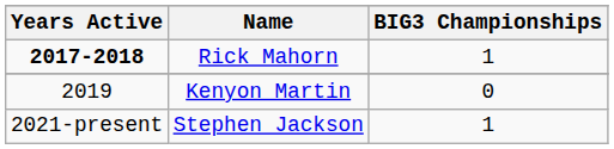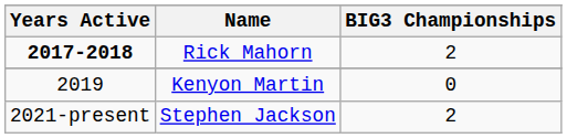 <table class="wikitable sortable sortable">
 <tr>
 </tr>
 <tr style="text-align: center">
 <th>Years Active</th>
 <th>Name</th>
 <th>BIG3 Championships</th>
 </tr>
 <tr style="text-align: center">
 <td><strong>2017-2018</strong></td>
 <td><a href='#'>Rick Mahorn</a></td>
-<td>1</td>
+<td>2</td>
 </tr>
 <tr>
 </tr>
 <tr style="text-align: center">
 <td>2019</td>
 <td><a href='#'>Kenyon Martin</a></td>
 <td>0</td>
 </tr>
 <tr style="text-align: center">
 <td>2021-present</td>
 <td><a href='#'>Stephen Jackson</a></td>
-<td>1</td>
+<td>2</td>
 </tr>
 </table>
